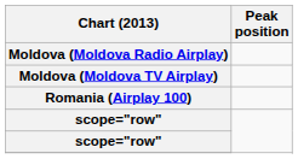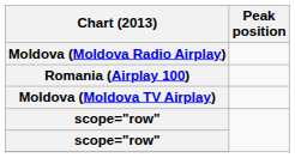 <table class="wikitable sortable plainrowheaders" style="text-align:center">
 <tr>
 <th>Chart (2013)</th>
 <th>Peak<br>position</th>
 </tr>
 <tr>
 <th scope="row">Moldova (<a href='#'>Moldova Radio Airplay</a>)</th>
 <td></td>
 </tr>
 <tr>
-<th scope="row">Moldova (<a href='#'>Moldova TV Airplay</a>)</th>
+<th scope="row">Romania (<a href='#'>Airplay 100</a>)</th>
 <td></td>
 </tr>
 <tr>
-<th scope="row">Romania (<a href='#'>Airplay 100</a>)</th>
+<th scope="row">Moldova (<a href='#'>Moldova TV Airplay</a>)</th>
 <td></td>
 </tr>
 <tr>
 <th>scope="row"</th>
 </tr>
 <tr>
 <th>scope="row"</th>
 </tr>
 <tr>
 </tr>
 </table>
